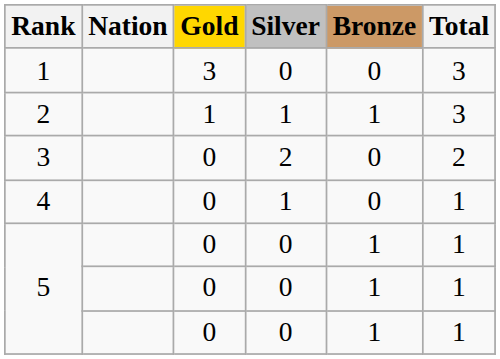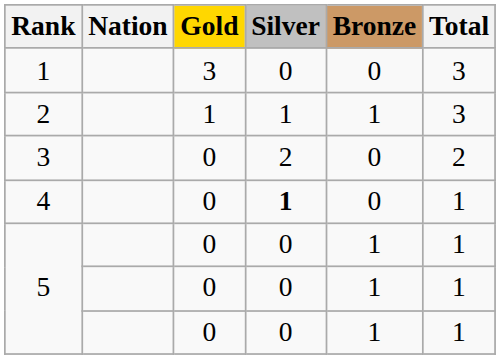 <table class="wikitable sortable" style="text-align:center">
 <tr>
 <th>Rank</th>
 <th>Nation</th>
 <th style="background-color:gold">Gold</th>
 <th style="background-color:silver">Silver</th>
 <th style="background-color:#cc9966">Bronze</th>
 <th>Total</th>
 </tr>
 <tr>
 <td>1</td>
 <td align=left></td>
 <td>3</td>
 <td>0</td>
 <td>0</td>
 <td>3</td>
 </tr>
 <tr>
 <td>2</td>
 <td align=left></td>
 <td>1</td>
 <td>1</td>
 <td>1</td>
 <td>3</td>
 </tr>
 <tr>
 <td>3</td>
 <td align=left></td>
 <td>0</td>
 <td>2</td>
 <td>0</td>
 <td>2</td>
 </tr>
 <tr>
 <td>4</td>
 <td align=left></td>
 <td>0</td>
-<td>1</td>
+<td><strong>1</strong></td>
 <td>0</td>
 <td>1</td>
 </tr>
 <tr>
 <td rowspan=3>5</td>
 <td align=left></td>
 <td>0</td>
 <td>0</td>
 <td>1</td>
 <td>1</td>
 </tr>
 <tr>
 <td align=left></td>
 <td>0</td>
 <td>0</td>
 <td>1</td>
 <td>1</td>
 </tr>
 <tr>
 <td align=left></td>
 <td>0</td>
 <td>0</td>
 <td>1</td>
 <td>1</td>
 </tr>
 </table>
